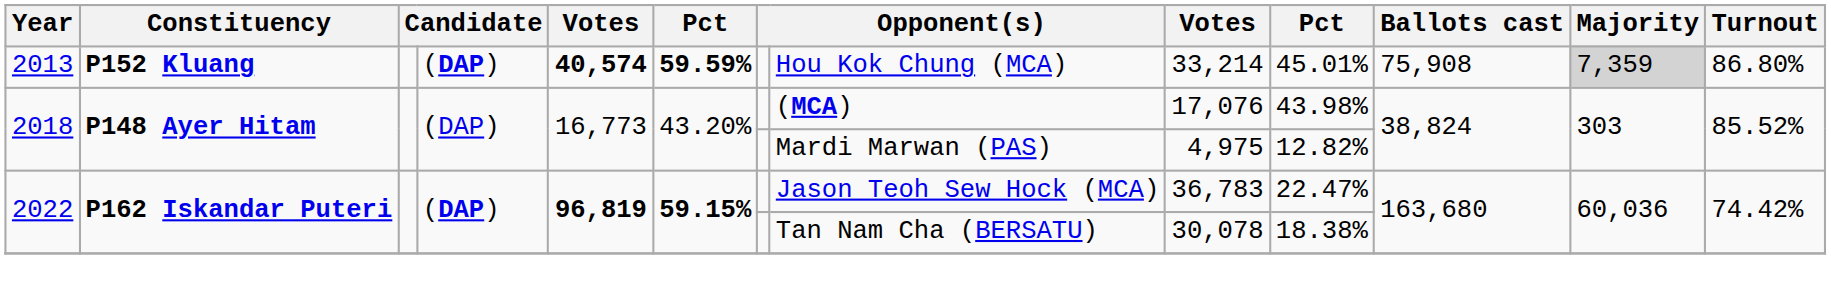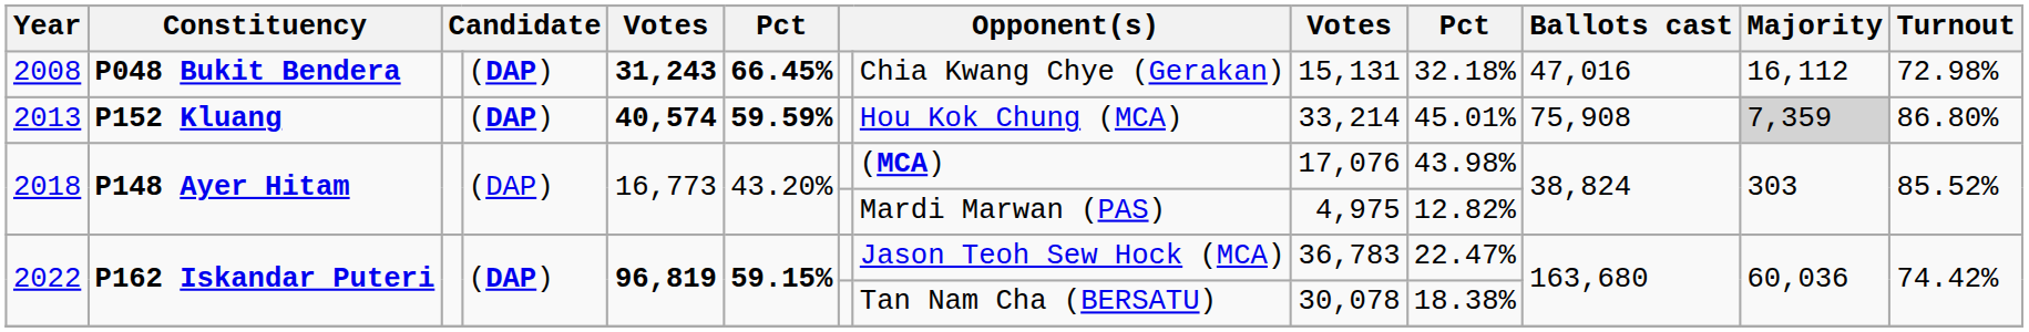 <table class="wikitable" style="margin:0.5em ; font-size:95%">
 <tr>
 <th>Year</th>
 <th>Constituency</th>
 <th colspan=2>Candidate</th>
 <th>Votes</th>
 <th>Pct</th>
 <th colspan=2>Opponent(s)</th>
 <th>Votes</th>
 <th>Pct</th>
 <th>Ballots cast</th>
 <th>Majority</th>
 <th>Turnout</th>
+</tr>
+<tr>
+<td><a href='#'>2008</a></td>
+<td><strong>P048 <a href='#'>Bukit Bendera</a></strong></td>
+<td></td>
+<td> (<a href='#'><strong>DAP</strong></a>)</td>
+<td align="right"><strong>31,243</strong></td>
+<td><strong>66.45%</strong></td>
+<td></td>
+<td>Chia Kwang Chye (<a href='#'>Gerakan</a>)</td>
+<td align="right">15,131</td>
+<td>32.18%</td>
+<td>47,016</td>
+<td>16,112</td>
+<td>72.98%</td>
 </tr>
 <tr>
 <td><a href='#'>2013</a></td>
 <td><strong>P152 <a href='#'>Kluang</a></strong></td>
 <td></td>
 <td> (<a href='#'><strong>DAP</strong></a>)</td>
 <td align="right"><strong>40,574</strong></td>
 <td><strong>59.59%</strong></td>
 <td></td>
 <td><a href='#'>Hou Kok Chung</a> (<a href='#'>MCA</a>)</td>
 <td align="right">33,214</td>
 <td>45.01%</td>
 <td>75,908</td>
 <td style="background: lightgrey;">7,359</td>
 <td>86.80%</td>
 </tr>
 <tr>
 <td rowspan=2><a href='#'>2018</a></td>
 <td rowspan=2><strong>P148 <a href='#'>Ayer Hitam</a></strong></td>
 <td rowspan=2 ></td>
 <td rowspan=2> (<a href='#'>DAP</a>)</td>
 <td rowspan=2 align="right">16,773</td>
 <td rowspan=2>43.20%</td>
 <td></td>
 <td> (<a href='#'><strong>MCA</strong></a>)</td>
 <td align="right">17,076</td>
 <td>43.98%</td>
 <td rowspan=2>38,824</td>
 <td rowspan=2>303</td>
 <td rowspan=2>85.52%</td>
 </tr>
 <tr>
 <td></td>
 <td>Mardi Marwan (<a href='#'>PAS</a>)</td>
 <td align="right">4,975</td>
 <td>12.82%</td>
 </tr>
 <tr>
 <td rowspan=2><a href='#'>2022</a></td>
 <td rowspan=2><strong>P162 <a href='#'>Iskandar Puteri</a></strong></td>
 <td rowspan=2 ></td>
 <td rowspan=2> (<a href='#'><strong>DAP</strong></a>)</td>
 <td rowspan=2 align="right"><strong>96,819</strong></td>
 <td rowspan=2><strong>59.15%</strong></td>
 <td></td>
 <td><a href='#'>Jason Teoh Sew Hock</a> (<a href='#'>MCA</a>)</td>
 <td align="right">36,783</td>
 <td>22.47%</td>
 <td rowspan=2>163,680</td>
 <td rowspan=2>60,036</td>
 <td rowspan=2>74.42%</td>
 </tr>
 <tr>
 <td></td>
 <td>Tan Nam Cha (<a href='#'>BERSATU</a>)</td>
 <td align="right">30,078</td>
 <td>18.38%</td>
 </tr>
 <tr>
 </tr>
 </table>
